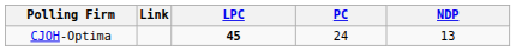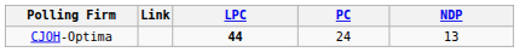 <table class="wikitable sortable" style="text-align:center;font-size:90%;line-height:14px;">
 <tr style="background-color:#E9E9E9">
 <th style="width:120px">Polling Firm</th>
 <th width=7% class=unsortable>Link</th>
 <th style="background-color:"><a href='#'>LPC</a></th>
 <th style="background-color:"><a href='#'>PC</a></th>
 <th style="background-color:"><a href='#'>NDP</a></th>
 </tr>
 <tr>
 <td><a href='#'>CJOH</a>-Optima</td>
 <td></td>
-<td><strong>45</strong></td>
+<td><strong>44</strong></td>
 <td>24</td>
 <td>13</td>
 </tr>
 </table>
